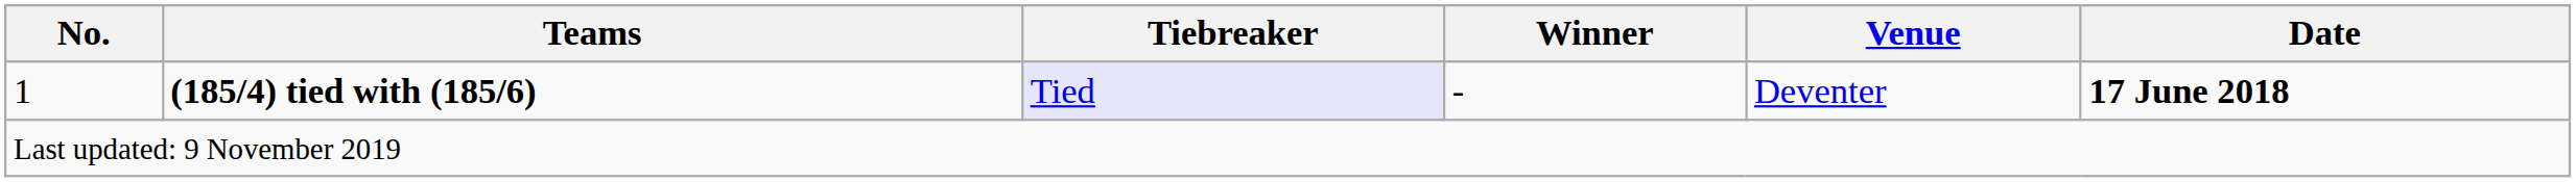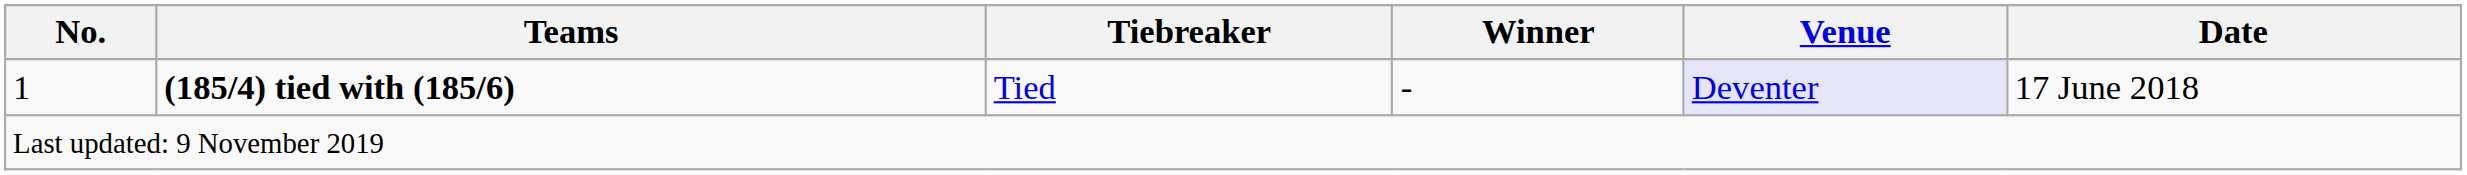 <table class="wikitable" style="width:90%;">
 <tr style="background:#bdb76b;">
 <th>No.</th>
 <th>Teams</th>
 <th>Tiebreaker</th>
 <th>Winner</th>
 <th><a href='#'>Venue</a></th>
 <th>Date</th>
 </tr>
 <tr>
 <td>1</td>
 <td><strong> (185/4) tied with  (185/6)</strong></td>
-<td style="background: lavender;"><a href='#'>Tied</a></td>
+<td><a href='#'>Tied</a></td>
 <td>-</td>
-<td><a href='#'>Deventer</a></td>
-<td><strong>17 June 2018</strong></td>
+<td style="background: lavender;"><a href='#'>Deventer</a></td>
+<td>17 June 2018</td>
 </tr>
 <tr>
 <td colspan=6><small>Last updated: 9 November 2019</small></td>
 </tr>
 </table>
